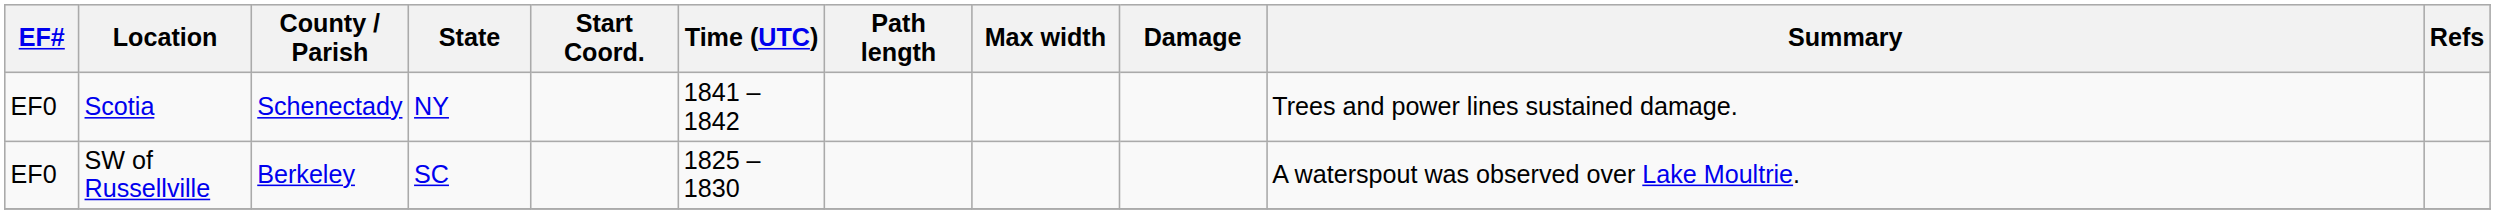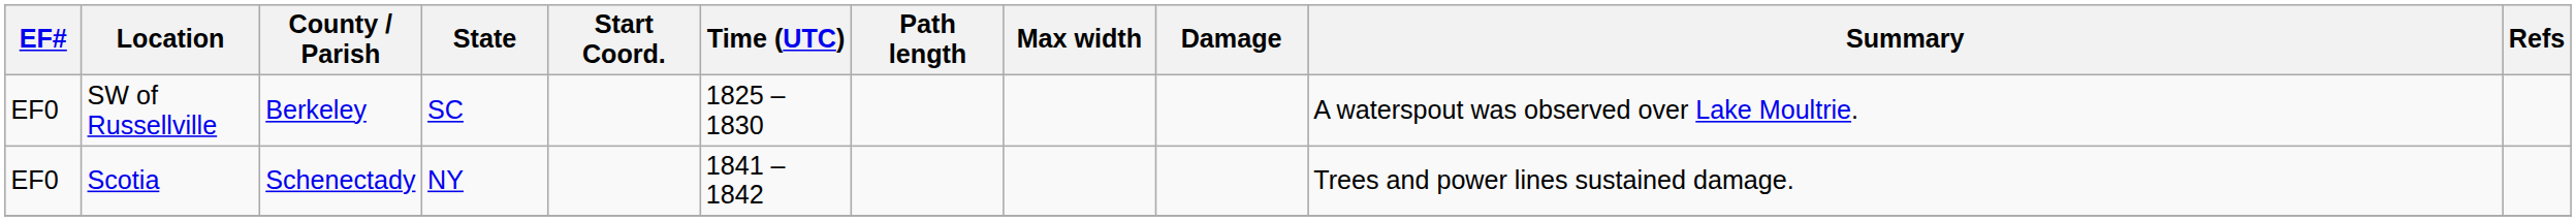 <table class="wikitable sortable" style="width:100%;">
 <tr>
 <th scope="col" width="3%" align="center"><a href='#'>EF#</a></th>
 <th scope="col" width="7%" align="center" class="unsortable">Location</th>
 <th scope="col" width="6%" align="center" class="unsortable">County / Parish</th>
 <th scope="col" width="5%" align="center">State</th>
 <th scope="col" width="6%" align="center">Start Coord.</th>
 <th scope="col" width="6%" align="center">Time (<a href='#'>UTC</a>)</th>
 <th scope="col" width="6%" align="center">Path length</th>
 <th scope="col" width="6%" align="center">Max width</th>
 <th scope="col" width="6%" align="center">Damage</th>
 <th scope="col" width="48%" class="unsortable" align="center">Summary</th>
 <th scope="col" width="48%" class="unsortable" align="center">Refs</th>
 </tr>
 <tr>
 <td>EF0</td>
+<td>SW of <a href='#'>Russellville</a></td>
+<td><a href='#'>Berkeley</a></td>
+<td><a href='#'>SC</a></td>
+<td></td>
+<td>1825 – 1830</td>
+<td></td>
+<td></td>
+<td></td>
+<td>A waterspout was observed over <a href='#'>Lake Moultrie</a>.</td>
+<td></td>
+</tr>
+<tr>
+<td>EF0</td>
 <td><a href='#'>Scotia</a></td>
 <td><a href='#'>Schenectady</a></td>
 <td><a href='#'>NY</a></td>
 <td></td>
 <td>1841 – 1842</td>
 <td></td>
 <td></td>
 <td></td>
 <td>Trees and power lines sustained damage.</td>
 <td></td>
 </tr>
 <tr>
-<td>EF0</td>
-<td>SW of <a href='#'>Russellville</a></td>
-<td><a href='#'>Berkeley</a></td>
-<td><a href='#'>SC</a></td>
-<td></td>
-<td>1825 – 1830</td>
-<td></td>
-<td></td>
-<td></td>
-<td>A waterspout was observed over <a href='#'>Lake Moultrie</a>.</td>
-<td></td>
-</tr>
-<tr>
 </tr>
 </table>
